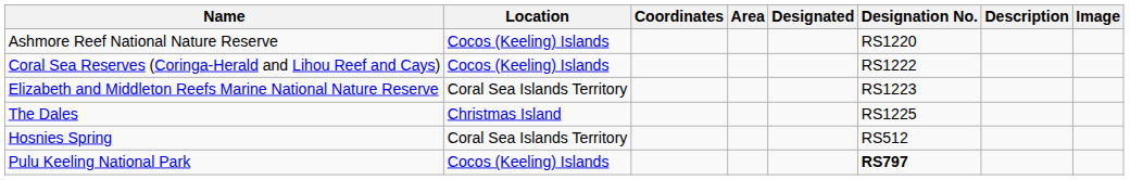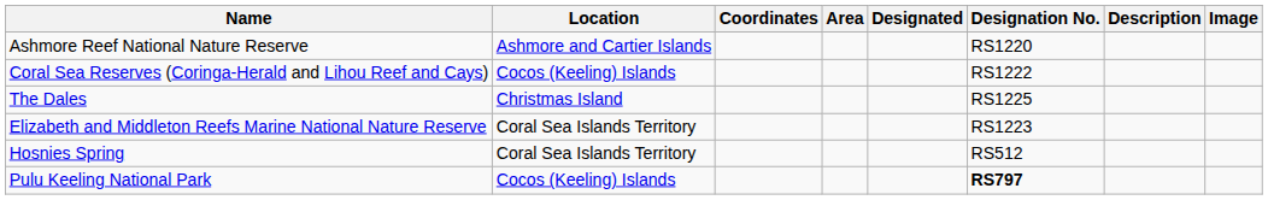 <table class="wikitable sortable">
 <tr>
 <th style="background-color:">Name</th>
 <th style="background-color:">Location</th>
 <th style="background-color:">Coordinates</th>
 <th style="background-color:">Area</th>
 <th style="background-color:">Designated</th>
 <th style="background-color:">Designation No.</th>
 <th style="background-color:">Description</th>
 <th style="background-color:">Image</th>
 </tr>
 <tr>
 <td>Ashmore Reef National Nature Reserve</td>
-<td><a href='#'>Cocos (Keeling) Islands</a></td>
+<td><a href='#'>Ashmore and Cartier Islands</a></td>
 <td></td>
 <td></td>
 <td></td>
 <td>RS1220</td>
 <td></td>
 <td></td>
 </tr>
 <tr>
 <td><a href='#'>Coral Sea Reserves</a> (<a href='#'>Coringa-Herald</a> and <a href='#'>Lihou Reef and Cays</a>)</td>
 <td><a href='#'>Cocos (Keeling) Islands</a></td>
 <td></td>
 <td></td>
 <td></td>
 <td>RS1222</td>
 <td></td>
 <td></td>
 </tr>
 <tr>
+<td><a href='#'>The Dales</a></td>
+<td><a href='#'>Christmas Island</a></td>
+<td></td>
+<td></td>
+<td></td>
+<td>RS1225</td>
+<td></td>
+<td></td>
+</tr>
+<tr>
 <td><a href='#'>Elizabeth and Middleton Reefs Marine National Nature Reserve</a></td>
 <td>Coral Sea Islands Territory</td>
 <td></td>
 <td></td>
 <td></td>
 <td>RS1223</td>
-<td></td>
-<td></td>
-</tr>
-<tr>
-<td><a href='#'>The Dales</a></td>
-<td><a href='#'>Christmas Island</a></td>
-<td></td>
-<td></td>
-<td></td>
-<td>RS1225</td>
 <td></td>
 <td></td>
 </tr>
 <tr>
 <td><a href='#'>Hosnies Spring</a></td>
 <td>Coral Sea Islands Territory</td>
 <td></td>
 <td></td>
 <td></td>
 <td>RS512</td>
 <td></td>
 <td></td>
 </tr>
 <tr>
 <td><a href='#'>Pulu Keeling National Park</a></td>
 <td><a href='#'>Cocos (Keeling) Islands</a></td>
 <td></td>
 <td></td>
 <td></td>
 <td><strong>RS797</strong></td>
 <td></td>
 <td></td>
 </tr>
 </table>
